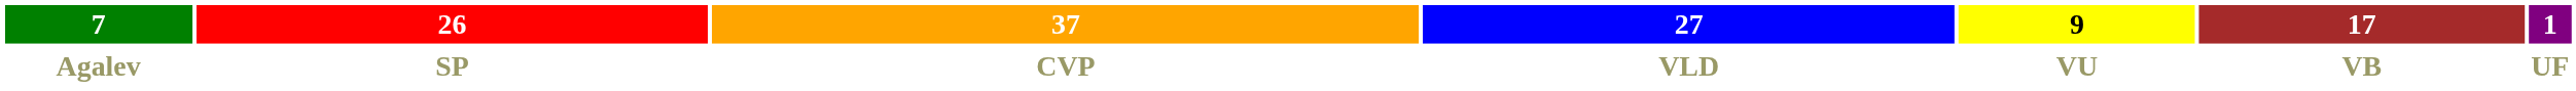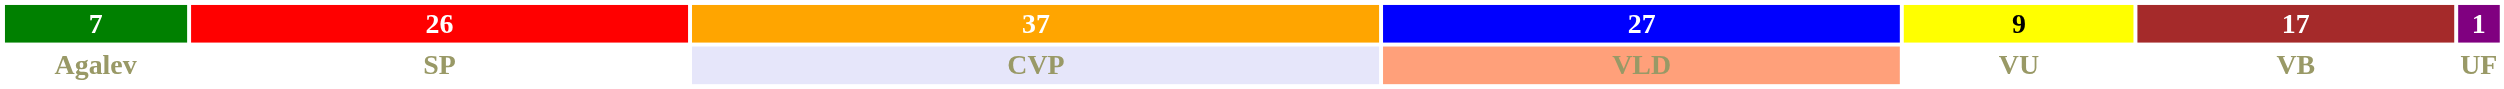 <table style="width:100%; font-size:88%; text-align:center;">
 <tr style="font-weight:bold">
 <td style="background:green; width:7.08%; color:white">7</td>
 <td style="background:red; width:19.45%; color:white">26</td>
 <td style="background:orange; width:26.78%; color:white">37</td>
 <td style="background:blue; width:20.18%; color:white">27</td>
 <td style="background:yellow; width:8.96%; color:black">9</td>
 <td style="background:brown; width:12.33%; color:white">17</td>
 <td style="background:purple; width:0.94%; color:white">1</td>
 </tr>
 <tr style="font-weight:bold; color:#996;">
 <td>Agalev</td>
 <td>SP</td>
-<td>CVP</td>
-<td>VLD</td>
+<td style="background: lavender;">CVP</td>
+<td style="background: lightsalmon;">VLD</td>
 <td>VU</td>
 <td>VB</td>
 <td>UF</td>
 </tr>
 </table>
